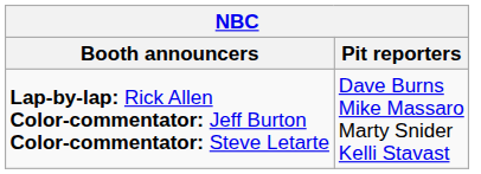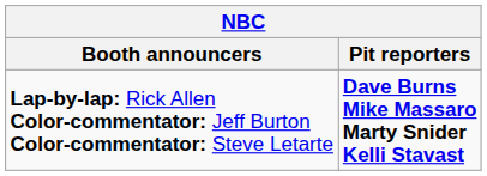 <table class="wikitable" style="font-size: 95%;">
 <tr>
 <th colspan="2"><a href='#'>NBC</a></th>
 </tr>
 <tr>
 <th>Booth announcers</th>
 <th>Pit reporters</th>
 </tr>
 <tr>
 <td><strong>Lap-by-lap:</strong> <a href='#'>Rick Allen</a><br><strong>Color-commentator:</strong> <a href='#'>Jeff Burton</a><br><strong>Color-commentator:</strong> <a href='#'>Steve Letarte</a></td>
-<td><a href='#'>Dave Burns</a><br><a href='#'>Mike Massaro</a><br>Marty Snider<br><a href='#'>Kelli Stavast</a></td>
+<td><strong><a href='#'>Dave Burns</a><br><a href='#'>Mike Massaro</a><br>Marty Snider<br><a href='#'>Kelli Stavast</a></strong></td>
 </tr>
 </table>
